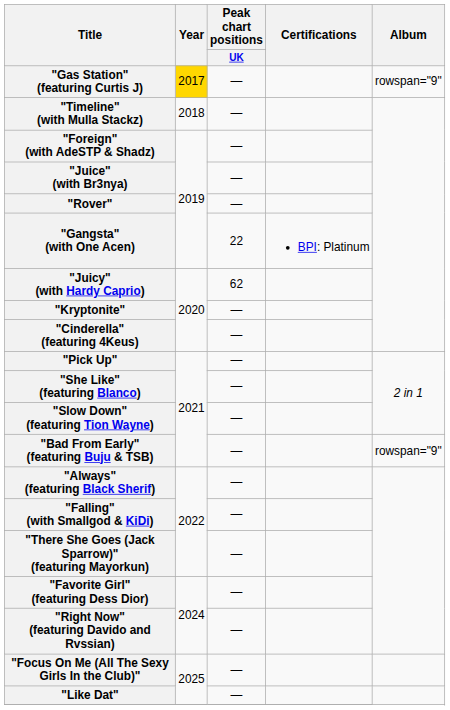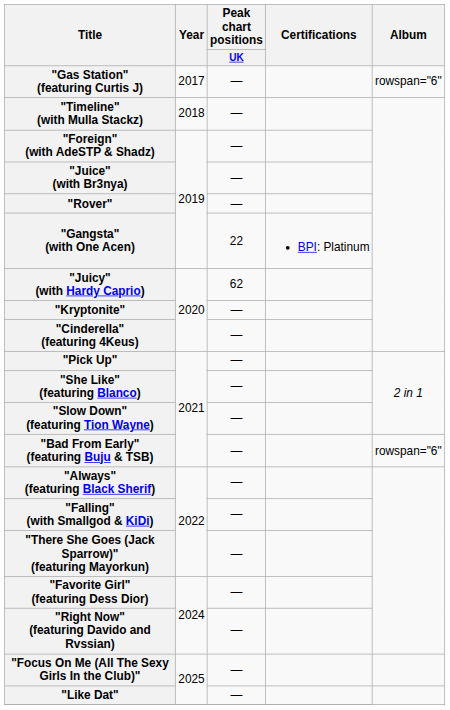 <table class="wikitable plainrowheaders" style="text-align:center;">
 <tr>
 <th scope="col" rowspan="2" style="width:14em;">Title</th>
 <th scope="col" rowspan="2" style="width:1em;">Year</th>
 <th scope="col" colspan="1">Peak chart positions</th>
 <th scope="col" rowspan="2">Certifications</th>
 <th scope="col" rowspan="2">Album</th>
 </tr>
 <tr>
 <th scope="col" style="width:3em;font-size:85%;"><a href='#'>UK</a><br></th>
 </tr>
 <tr>
 <th scope="row">"Gas Station"<br><span>(featuring Curtis J)</span></th>
-<td style="background: gold;">2017</td>
+<td>2017</td>
 <td>—</td>
 <td></td>
-<td>rowspan="9" </td>
+<td>rowspan="6" </td>
 </tr>
 <tr>
 <th scope="row">"Timeline"<br><span>(with Mulla Stackz)</span></th>
 <td>2018</td>
 <td>—</td>
 <td></td>
 </tr>
 <tr>
 <th scope="row">"Foreign"<br><span>(with AdeSTP & Shadz)</span></th>
 <td rowspan="4">2019</td>
 <td>—</td>
 <td></td>
 </tr>
 <tr>
 <th scope="row">"Juice"<br><span>(with Br3nya)</span></th>
 <td>—</td>
 <td></td>
 </tr>
 <tr>
 <th scope="row">"Rover"</th>
 <td>—</td>
 <td></td>
 </tr>
 <tr>
 <th scope="row">"Gangsta"<br><span>(with One Acen)</span></th>
 <td>22</td>
 <td><br><ul><li><a href='#'>BPI</a>: Platinum</li></ul></td>
 </tr>
 <tr>
 <th scope="row">"Juicy"<br><span>(with <a href='#'>Hardy Caprio</a>)</span></th>
 <td rowspan="3">2020</td>
 <td>62</td>
 <td></td>
 </tr>
 <tr>
 <th scope="row">"Kryptonite"</th>
 <td>—</td>
 <td></td>
 </tr>
 <tr>
 <th scope="row">"Cinderella"<br><span>(featuring 4Keus)</span></th>
 <td>—</td>
 <td></td>
 </tr>
 <tr>
 <th scope="row">"Pick Up"</th>
 <td rowspan="4">2021</td>
 <td>—</td>
 <td></td>
 <td rowspan="3"><em>2 in 1</em></td>
 </tr>
 <tr>
 <th scope="row">"She Like"<br><span>(featuring <a href='#'>Blanco</a>)</span></th>
 <td>—</td>
 <td></td>
 </tr>
 <tr>
 <th scope="row">"Slow Down"<br><span>(featuring <a href='#'>Tion Wayne</a>)</span></th>
 <td>—</td>
 <td></td>
 </tr>
 <tr>
 <th scope="row">"Bad From Early"<br><span>(featuring <a href='#'>Buju</a> & TSB)</span></th>
 <td>—</td>
 <td></td>
-<td>rowspan="9" </td>
+<td>rowspan="6" </td>
 </tr>
 <tr>
 <th scope="row">"Always"<br><span>(featuring <a href='#'>Black Sherif</a>)</span></th>
 <td rowspan="3">2022</td>
 <td>—</td>
 <td></td>
 </tr>
 <tr>
 <th scope="row">"Falling"<br><span>(with Smallgod & <a href='#'>KiDi</a>)</span></th>
 <td>—</td>
 <td></td>
 </tr>
 <tr>
 <th scope="row">"There She Goes (Jack Sparrow)"<br><span>(featuring Mayorkun)</span></th>
 <td>—</td>
 <td></td>
 </tr>
 <tr>
 <th scope="row">"Favorite Girl"<br><span>(featuring Dess Dior)</span></th>
 <td rowspan="2">2024</td>
 <td>—</td>
 <td></td>
 </tr>
 <tr>
 <th scope="row">"Right Now"<br><span>(featuring Davido and Rvssian)</span></th>
 <td>—</td>
 <td></td>
 </tr>
 <tr>
 <th scope="row">"Focus On Me (All The Sexy Girls In the Club)"</th>
 <td rowspan="2">2025</td>
 <td>—</td>
 <td></td>
 <td></td>
 </tr>
 <tr>
 <th scope="row">"Like Dat"</th>
 <td>—</td>
 <td></td>
 </tr>
 <tr>
 </tr>
 </table>
